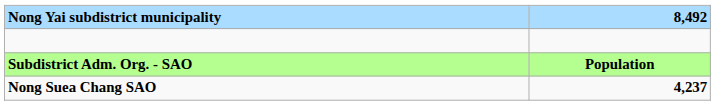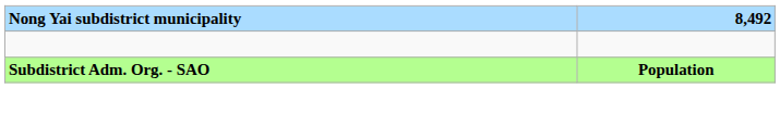 <table class="wikitable" style="width:48%; display:inline-table;">
 <tr>
 <td style= "background: #aadcff;"><strong>Nong Yai subdistrict municipality</strong></td>
 <td style= "background: #aadcff; text-align:right;"><strong>8,492</strong></td>
 </tr>
 <tr>
 <td> </td>
 <td> </td>
 </tr>
 <tr>
 <td style= "background: #b4ff90;"><strong>Subdistrict Adm. Org. - SAO</strong></td>
 <td style= "background: #b4ff90; text-align:center;"><strong>Population</strong></td>
 </tr>
-<tr>
-<td><strong>Nong Suea Chang SAO</strong></td>
-<td style="text-align:right;"><strong>4,237</strong></td>
-</tr>
 </table>
